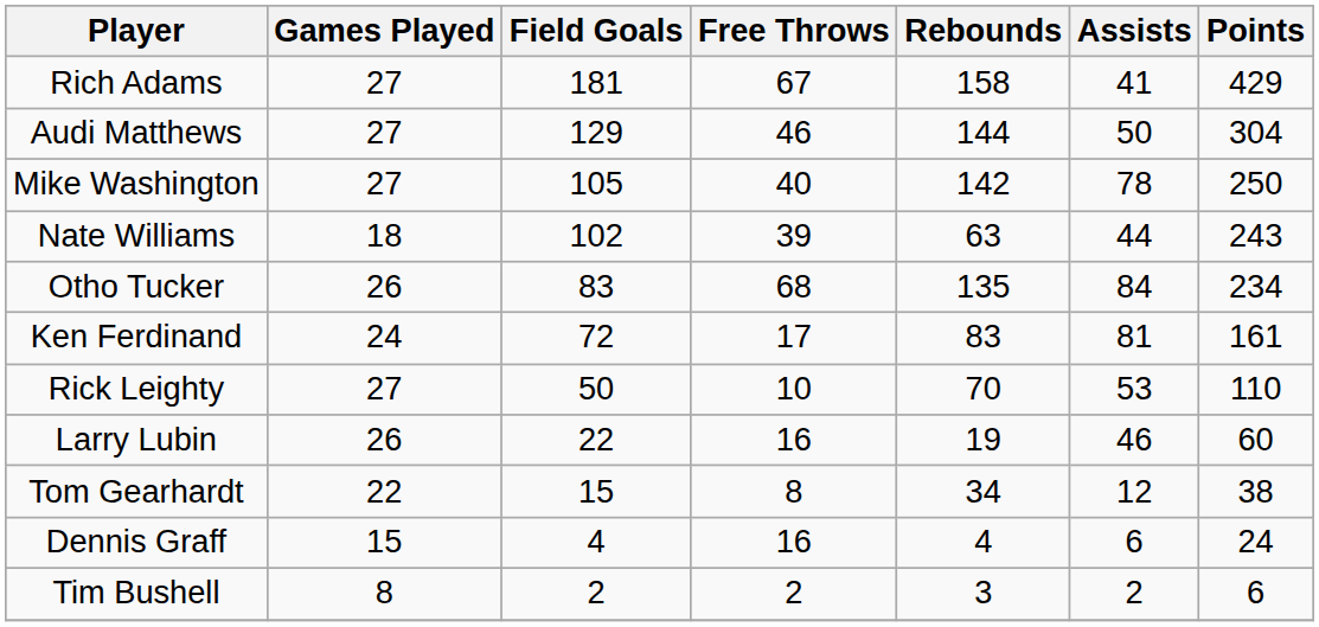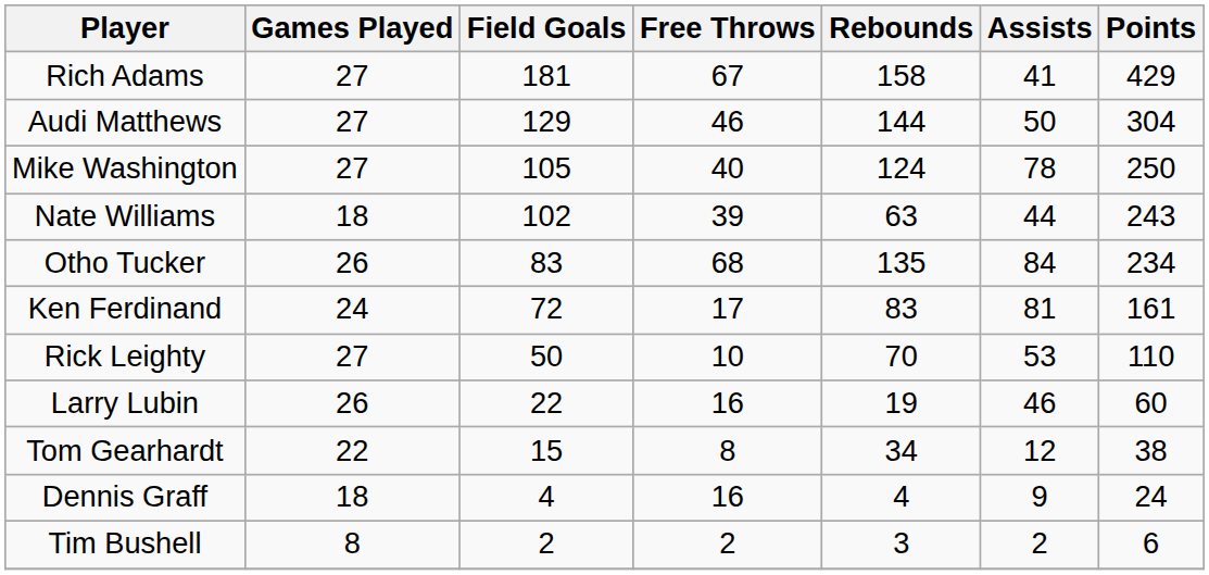 <table class="wikitable sortable">
 <tr>
 <th>Player</th>
 <th>Games Played</th>
 <th>Field Goals</th>
 <th>Free Throws</th>
 <th>Rebounds</th>
 <th>Assists</th>
 <th>Points</th>
 </tr>
 <tr align="center" bgcolor="">
 <td>Rich Adams</td>
 <td>27</td>
 <td>181</td>
 <td>67</td>
 <td>158</td>
 <td>41</td>
 <td>429</td>
 </tr>
 <tr align="center" bgcolor="">
 <td>Audi Matthews</td>
 <td>27</td>
 <td>129</td>
 <td>46</td>
 <td>144</td>
 <td>50</td>
 <td>304</td>
 </tr>
 <tr align="center" bgcolor="">
 <td>Mike Washington</td>
 <td>27</td>
 <td>105</td>
 <td>40</td>
-<td>142</td>
+<td>124</td>
 <td>78</td>
 <td>250</td>
 </tr>
 <tr align="center" bgcolor="">
 <td>Nate Williams</td>
 <td>18</td>
 <td>102</td>
 <td>39</td>
 <td>63</td>
 <td>44</td>
 <td>243</td>
 </tr>
 <tr align="center" bgcolor="">
 <td>Otho Tucker</td>
 <td>26</td>
 <td>83</td>
 <td>68</td>
 <td>135</td>
 <td>84</td>
 <td>234</td>
 </tr>
 <tr align="center" bgcolor="">
 <td>Ken Ferdinand</td>
 <td>24</td>
 <td>72</td>
 <td>17</td>
 <td>83</td>
 <td>81</td>
 <td>161</td>
 </tr>
 <tr align="center" bgcolor="">
 <td>Rick Leighty</td>
 <td>27</td>
 <td>50</td>
 <td>10</td>
 <td>70</td>
 <td>53</td>
 <td>110</td>
 </tr>
 <tr align="center" bgcolor="">
 <td>Larry Lubin</td>
 <td>26</td>
 <td>22</td>
 <td>16</td>
 <td>19</td>
 <td>46</td>
 <td>60</td>
 </tr>
 <tr align="center" bgcolor="">
 <td>Tom Gearhardt</td>
 <td>22</td>
 <td>15</td>
 <td>8</td>
 <td>34</td>
 <td>12</td>
 <td>38</td>
 </tr>
 <tr align="center" bgcolor="">
 <td>Dennis Graff</td>
-<td>15</td>
+<td>18</td>
 <td>4</td>
 <td>16</td>
 <td>4</td>
-<td>6</td>
+<td>9</td>
 <td>24</td>
 </tr>
 <tr align="center" bgcolor="">
 <td>Tim Bushell</td>
 <td>8</td>
 <td>2</td>
 <td>2</td>
 <td>3</td>
 <td>2</td>
 <td>6</td>
 </tr>
 <tr align="center" bgcolor="">
 </tr>
 </table>
